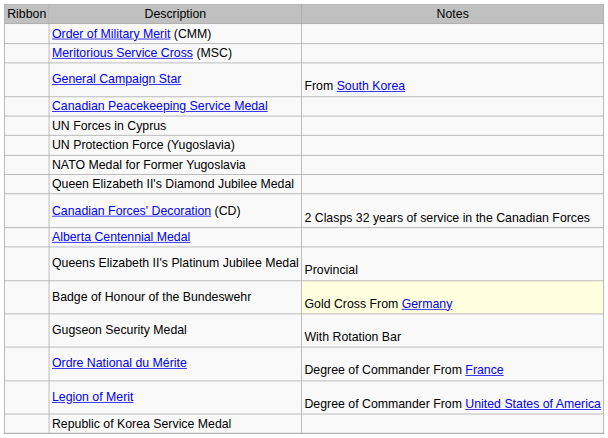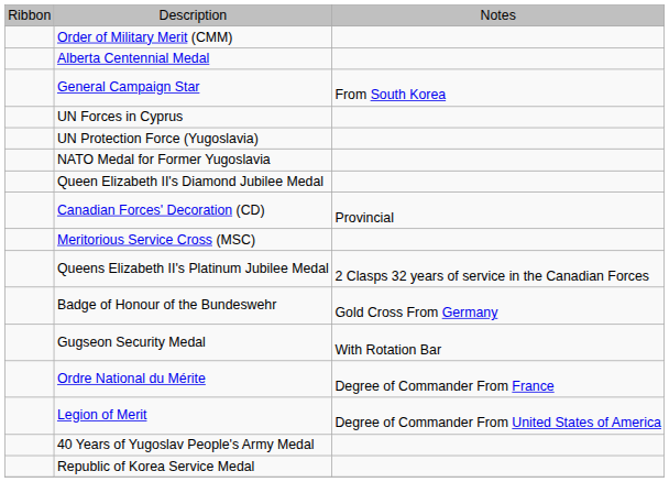 <table class="wikitable">
 <tr style="background:silver;" align="center">
 <td>Ribbon</td>
 <td>Description</td>
 <td>Notes</td>
 </tr>
 <tr>
 <td></td>
 <td><a href='#'>Order of Military Merit</a> (CMM)</td>
 <td></td>
 </tr>
 <tr>
 <td></td>
-<td><a href='#'>Meritorious Service Cross</a> (MSC)</td>
+<td><a href='#'>Alberta Centennial Medal</a></td>
 <td></td>
 </tr>
 <tr>
 <td><span></span></td>
 <td><a href='#'>General Campaign Star</a></td>
 <td><br>From <a href='#'>South Korea</a></td>
-</tr>
-<tr>
-<td></td>
-<td><a href='#'>Canadian Peacekeeping Service Medal</a></td>
-<td></td>
 </tr>
 <tr>
 <td></td>
 <td>UN Forces in Cyprus</td>
 <td></td>
 </tr>
 <tr>
 <td></td>
 <td>UN Protection Force (Yugoslavia)</td>
 <td></td>
 </tr>
 <tr>
 <td></td>
 <td>NATO Medal for Former Yugoslavia</td>
 <td></td>
 </tr>
 <tr>
 <td></td>
 <td>Queen Elizabeth II's Diamond Jubilee Medal</td>
 <td></td>
 </tr>
 <tr>
 <td></td>
 <td><a href='#'>Canadian Forces' Decoration</a> (CD)</td>
-<td><br>2 Clasps 32 years of service in the Canadian Forces</td>
+<td><br>Provincial</td>
 </tr>
 <tr>
 <td></td>
-<td><a href='#'>Alberta Centennial Medal</a></td>
+<td><a href='#'>Meritorious Service Cross</a> (MSC)</td>
 <td></td>
 </tr>
 <tr>
 <td></td>
 <td>Queens Elizabeth II's Platinum Jubilee Medal</td>
-<td><br>Provincial</td>
+<td><br>2 Clasps 32 years of service in the Canadian Forces</td>
 </tr>
 <tr>
 <td></td>
 <td>Badge of Honour of the Bundeswehr</td>
-<td style="background: lightyellow;"><br>Gold Cross From <a href='#'>Germany</a></td>
+<td><br>Gold Cross From <a href='#'>Germany</a></td>
 </tr>
 <tr>
 <td></td>
 <td>Gugseon Security Medal</td>
 <td><br>With Rotation Bar</td>
 </tr>
 <tr>
 <td></td>
 <td><a href='#'>Ordre National du Mérite</a></td>
 <td><br>Degree of Commander From <a href='#'>France</a></td>
 </tr>
 <tr>
 <td></td>
 <td><a href='#'>Legion of Merit</a></td>
 <td><br>Degree of Commander From <a href='#'>United States of America</a></td>
 </tr>
 <tr>
 <td></td>
+<td>40 Years of Yugoslav People's Army Medal</td>
+<td></td>
+</tr>
+<tr>
+<td></td>
 <td>Republic of Korea Service Medal</td>
 <td></td>
 </tr>
 <tr>
 </tr>
 </table>
